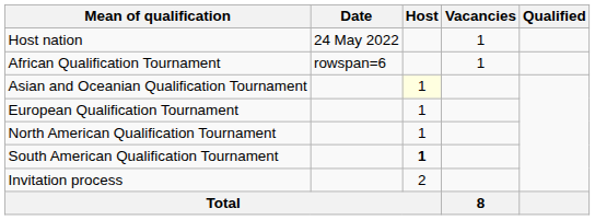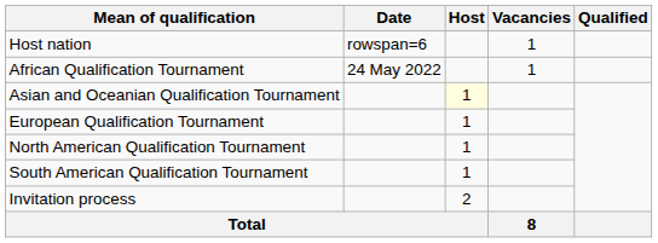 <table class="wikitable">
 <tr>
 <th>Mean of qualification</th>
 <th>Date</th>
 <th>Host</th>
 <th>Vacancies</th>
 <th>Qualified</th>
 </tr>
 <tr>
 <td>Host nation</td>
-<td>24 May 2022</td>
+<td>rowspan=6 </td>
 <td></td>
 <td style="text-align:center;">1</td>
 <td></td>
 </tr>
 <tr>
 <td>African Qualification Tournament</td>
-<td>rowspan=6 </td>
+<td>24 May 2022</td>
 <td></td>
 <td style="text-align:center;">1</td>
 <td></td>
 </tr>
 <tr>
 <td>Asian and Oceanian Qualification Tournament</td>
 <td></td>
 <td style="background: lightyellow; text-align:center;">1</td>
 <td></td>
 </tr>
 <tr>
 <td>European Qualification Tournament</td>
 <td></td>
 <td style="text-align:center;">1</td>
 <td></td>
 </tr>
 <tr>
 <td>North American Qualification Tournament</td>
 <td></td>
 <td style="text-align:center;">1</td>
 <td></td>
 </tr>
 <tr>
 <td>South American Qualification Tournament</td>
 <td></td>
-<td style="text-align:center;"><strong>1</strong></td>
+<td style="text-align:center;">1</td>
 <td></td>
 </tr>
 <tr>
 <td>Invitation process</td>
 <td></td>
 <td style="text-align:center;">2</td>
 <td></td>
 </tr>
 <tr>
 <th colspan="3">Total</th>
 <th>8</th>
 <th></th>
 </tr>
 </table>
